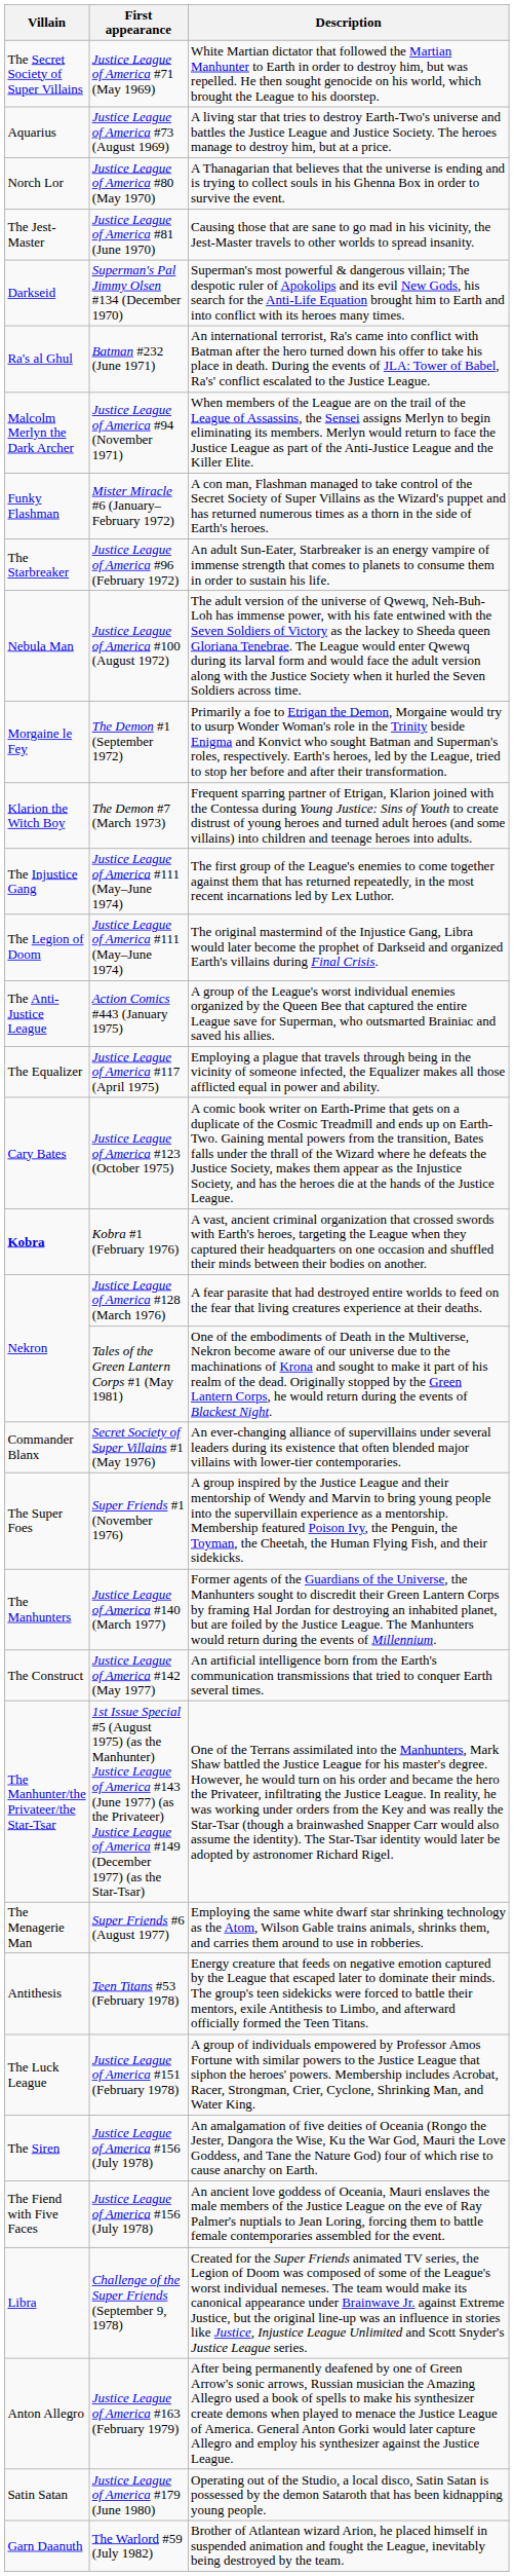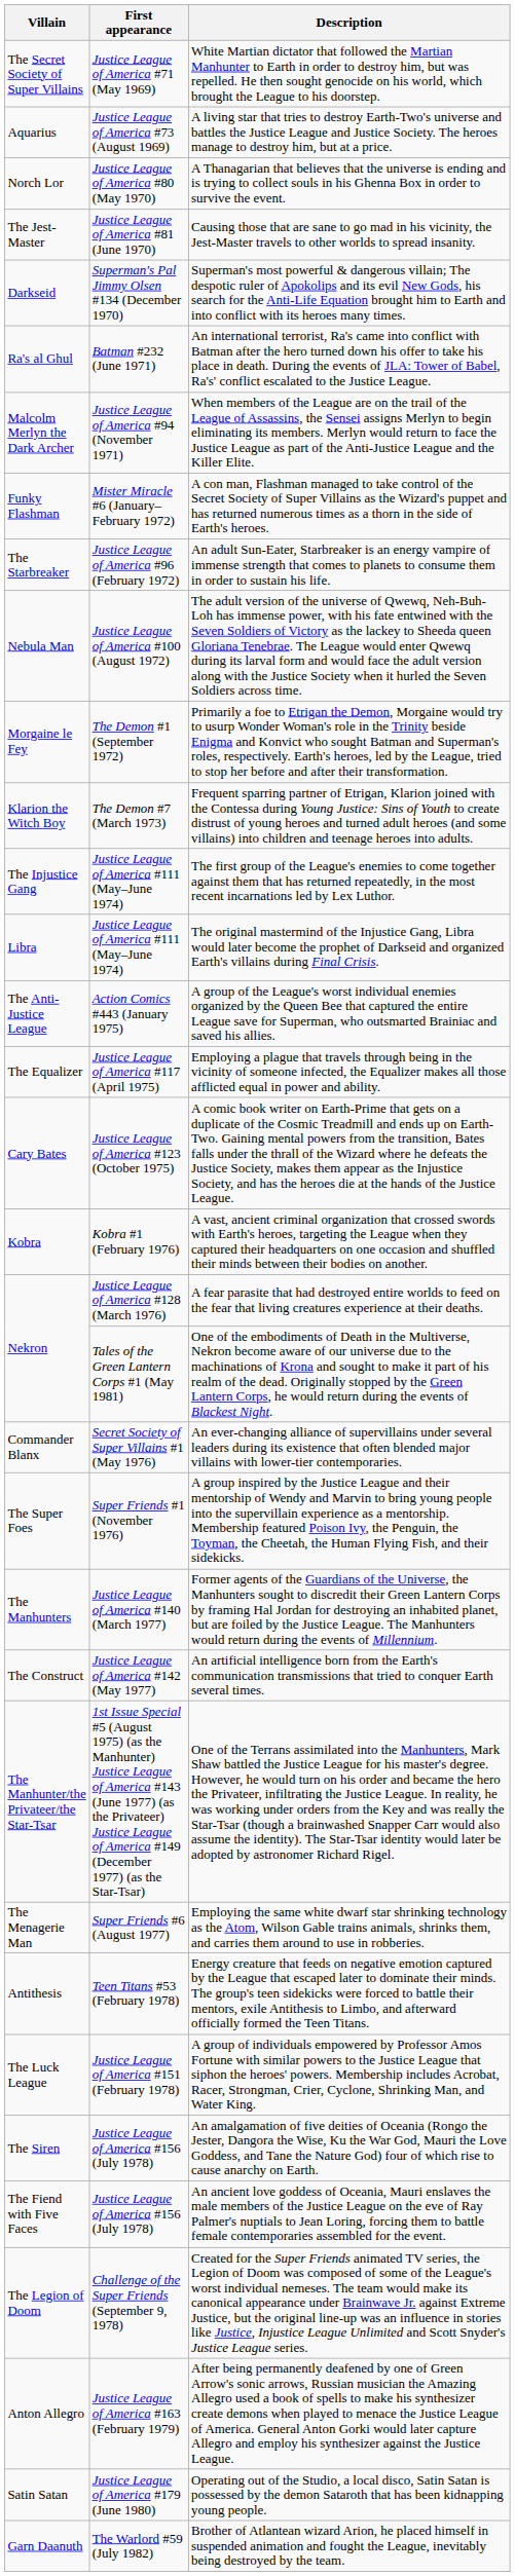 <table class="wikitable">
 <tr>
 <th width="13%">Villain</th>
 <th width="20%">First appearance</th>
 <th width="67%">Description</th>
 </tr>
 <tr>
 <td>The <a href='#'>Secret Society of Super Villains</a></td>
 <td><em><a href='#'>Justice League of America</a></em> #71 (May 1969)</td>
 <td>White Martian dictator that followed the <a href='#'>Martian Manhunter</a> to Earth in order to destroy him, but was repelled. He then sought genocide on his world, which brought the League to his doorstep.</td>
 </tr>
 <tr>
 <td>Aquarius</td>
 <td><em><a href='#'>Justice League of America</a></em> #73 (August 1969)</td>
 <td>A living star that tries to destroy Earth-Two's universe and battles the Justice League and Justice Society. The heroes manage to destroy him, but at a price.</td>
 </tr>
 <tr>
 <td>Norch Lor</td>
 <td><em><a href='#'>Justice League of America</a></em> #80 (May 1970)</td>
 <td>A Thanagarian that believes that the universe is ending and is trying to collect souls in his Ghenna Box in order to survive the event.</td>
 </tr>
 <tr>
 <td>The Jest-Master</td>
 <td><em><a href='#'>Justice League of America</a></em> #81 (June 1970)</td>
 <td>Causing those that are sane to go mad in his vicinity, the Jest-Master travels to other worlds to spread insanity.</td>
 </tr>
 <tr>
 <td><a href='#'>Darkseid</a></td>
 <td><em><a href='#'>Superman's Pal Jimmy Olsen</a></em> #134 (December 1970)</td>
 <td>Superman's most powerful & dangerous villain; The despotic ruler of <a href='#'>Apokolips</a> and its evil <a href='#'>New Gods</a>, his search for the <a href='#'>Anti-Life Equation</a> brought him to Earth and into conflict with its heroes many times.</td>
 </tr>
 <tr>
 <td><a href='#'>Ra's al Ghul</a></td>
 <td><em><a href='#'>Batman</a></em> #232 (June 1971)</td>
 <td>An international terrorist, Ra's came into conflict with Batman after the hero turned down his offer to take his place in death. During the events of <a href='#'>JLA: Tower of Babel</a>, Ra's' conflict escalated to the Justice League.</td>
 </tr>
 <tr>
 <td><a href='#'>Malcolm Merlyn the Dark Archer</a></td>
 <td><em><a href='#'>Justice League of America</a></em> #94 (November 1971)</td>
 <td>When members of the League are on the trail of the <a href='#'>League of Assassins</a>, the <a href='#'>Sensei</a> assigns Merlyn to begin eliminating its members. Merlyn would return to face the Justice League as part of the Anti-Justice League and the Killer Elite.</td>
 </tr>
 <tr>
 <td><a href='#'>Funky Flashman</a></td>
 <td><em><a href='#'>Mister Miracle</a></em> #6 (January–February 1972)</td>
 <td>A con man, Flashman managed to take control of the Secret Society of Super Villains as the Wizard's puppet and has returned numerous times as a thorn in the side of Earth's heroes.</td>
 </tr>
 <tr>
 <td>The <a href='#'>Starbreaker</a></td>
 <td><em><a href='#'>Justice League of America</a></em> #96 (February 1972)</td>
 <td>An adult Sun-Eater, Starbreaker is an energy vampire of immense strength that comes to planets to consume them in order to sustain his life.</td>
 </tr>
 <tr>
 <td><a href='#'>Nebula Man</a></td>
 <td><em><a href='#'>Justice League of America</a></em> #100 (August 1972)</td>
 <td>The adult version of the universe of Qwewq, Neh-Buh-Loh has immense power, with his fate entwined with the <a href='#'>Seven Soldiers of Victory</a> as the lackey to Sheeda queen <a href='#'>Gloriana Tenebrae</a>. The League would enter Qwewq during its larval form and would face the adult version along with the Justice Society when it hurled the Seven Soldiers across time.</td>
 </tr>
 <tr>
 <td><a href='#'>Morgaine le Fey</a></td>
 <td><em><a href='#'>The Demon</a></em> #1 (September 1972)</td>
 <td>Primarily a foe to <a href='#'>Etrigan the Demon</a>, Morgaine would try to usurp Wonder Woman's role in the <a href='#'>Trinity</a> beside <a href='#'>Enigma</a> and Konvict who sought Batman and Superman's roles, respectively. Earth's heroes, led by the League, tried to stop her before and after their transformation.</td>
 </tr>
 <tr>
 <td><a href='#'>Klarion the Witch Boy</a></td>
 <td><em>The Demon</em> #7 (March 1973)</td>
 <td>Frequent sparring partner of Etrigan, Klarion joined with the Contessa during <em>Young Justice: Sins of Youth</em> to create distrust of young heroes and turned adult heroes (and some villains) into children and teenage heroes into adults.</td>
 </tr>
 <tr>
 <td>The <a href='#'>Injustice Gang</a></td>
 <td><em><a href='#'>Justice League of America</a></em> #111 (May–June 1974)</td>
 <td>The first group of the League's enemies to come together against them that has returned repeatedly, in the most recent incarnations led by Lex Luthor.</td>
 </tr>
 <tr>
-<td>The <a href='#'>Legion of Doom</a></td>
+<td><a href='#'>Libra</a></td>
 <td><em><a href='#'>Justice League of America</a></em> #111 (May–June 1974)</td>
 <td>The original mastermind of the Injustice Gang, Libra would later become the prophet of Darkseid and organized Earth's villains during <em><a href='#'>Final Crisis</a></em>.</td>
 </tr>
 <tr>
 <td>The <a href='#'>Anti-Justice League</a></td>
 <td><em><a href='#'>Action Comics</a></em> #443 (January 1975)</td>
 <td>A group of the League's worst individual enemies organized by the Queen Bee that captured the entire League save for Superman, who outsmarted Brainiac and saved his allies.</td>
 </tr>
 <tr>
 <td>The Equalizer</td>
 <td><em><a href='#'>Justice League of America</a></em> #117 (April 1975)</td>
 <td>Employing a plague that travels through being in the vicinity of someone infected, the Equalizer makes all those afflicted equal in power and ability.</td>
 </tr>
 <tr>
 <td><a href='#'>Cary Bates</a></td>
 <td><em><a href='#'>Justice League of America</a></em> #123 (October 1975)</td>
 <td>A comic book writer on Earth-Prime that gets on a duplicate of the Cosmic Treadmill and ends up on Earth-Two. Gaining mental powers from the transition, Bates falls under the thrall of the Wizard where he defeats the Justice Society, makes them appear as the Injustice Society, and has the heroes die at the hands of the Justice League.</td>
 </tr>
 <tr>
-<td><strong><a href='#'>Kobra</a></strong></td>
+<td><a href='#'>Kobra</a></td>
 <td><em>Kobra</em> #1 (February 1976)</td>
 <td>A vast, ancient criminal organization that crossed swords with Earth's heroes, targeting the League when they captured their headquarters on one occasion and shuffled their minds between their bodies on another.</td>
 </tr>
 <tr>
 <td rowspan=2><a href='#'>Nekron</a></td>
 <td><em><a href='#'>Justice League of America</a></em> #128 (March 1976)</td>
 <td>A fear parasite that had destroyed entire worlds to feed on the fear that living creatures experience at their deaths.</td>
 </tr>
 <tr>
 <td><em>Tales of the Green Lantern Corps</em> #1 (May 1981)</td>
 <td>One of the embodiments of Death in the Multiverse, Nekron become aware of our universe due to the machinations of <a href='#'>Krona</a> and sought to make it part of his realm of the dead. Originally stopped by the <a href='#'>Green Lantern Corps</a>, he would return during the events of <em><a href='#'>Blackest Night</a></em>.</td>
 </tr>
 <tr>
 <td>Commander Blanx</td>
 <td><em><a href='#'>Secret Society of Super Villains</a></em> #1 (May 1976)</td>
 <td>An ever-changing alliance of supervillains under several leaders during its existence that often blended major villains with lower-tier contemporaries.</td>
 </tr>
 <tr>
 <td>The Super Foes</td>
 <td><em><a href='#'>Super Friends</a></em> #1 (November 1976)</td>
 <td>A group inspired by the Justice League and their mentorship of Wendy and Marvin to bring young people into the supervillain experience as a mentorship. Membership featured <a href='#'>Poison Ivy</a>, the Penguin, the <a href='#'>Toyman</a>, the Cheetah, the Human Flying Fish, and their sidekicks.</td>
 </tr>
 <tr>
 <td>The <a href='#'>Manhunters</a></td>
 <td><em><a href='#'>Justice League of America</a></em> #140 (March 1977)</td>
 <td>Former agents of the <a href='#'>Guardians of the Universe</a>, the Manhunters sought to discredit their Green Lantern Corps by framing Hal Jordan for destroying an inhabited planet, but are foiled by the Justice League. The Manhunters would return during the events of <em><a href='#'>Millennium</a></em>.</td>
 </tr>
 <tr>
 <td>The Construct</td>
 <td><em><a href='#'>Justice League of America</a></em> #142 (May 1977)</td>
 <td>An artificial intelligence born from the Earth's communication transmissions that tried to conquer Earth several times.</td>
 </tr>
 <tr>
 <td><a href='#'>The Manhunter/the Privateer/the Star-Tsar</a></td>
 <td><em><a href='#'>1st Issue Special</a></em> #5 (August 1975) (as the Manhunter)<br><em><a href='#'>Justice League of America</a></em> #143 (June 1977) (as the Privateer)<br><em><a href='#'>Justice League of America</a></em> #149 (December 1977) (as the Star-Tsar)</td>
 <td>One of the Terrans assimilated into the <a href='#'>Manhunters</a>, Mark Shaw battled the Justice League for his master's degree. However, he would turn on his order and became the hero the Privateer, infiltrating the Justice League. In reality, he was working under orders from the Key and was really the Star-Tsar (though a brainwashed Snapper Carr would also assume the identity). The Star-Tsar identity would later be adopted by astronomer Richard Rigel.</td>
 </tr>
 <tr>
 <td>The Menagerie Man</td>
 <td><em><a href='#'>Super Friends</a></em> #6 (August 1977)</td>
 <td>Employing the same white dwarf star shrinking technology as the <a href='#'>Atom</a>, Wilson Gable trains animals, shrinks them, and carries them around to use in robberies.</td>
 </tr>
 <tr>
 <td>Antithesis</td>
 <td><em><a href='#'>Teen Titans</a></em> #53 (February 1978)</td>
 <td>Energy creature that feeds on negative emotion captured by the League that escaped later to dominate their minds. The group's teen sidekicks were forced to battle their mentors, exile Antithesis to Limbo, and afterward officially formed the Teen Titans.</td>
 </tr>
 <tr>
 <td>The Luck League</td>
 <td><em><a href='#'>Justice League of America</a></em> #151 (February 1978)</td>
 <td>A group of individuals empowered by Professor Amos Fortune with similar powers to the Justice League that siphon the heroes' powers. Membership includes Acrobat, Racer, Strongman, Crier, Cyclone, Shrinking Man, and Water King.</td>
 </tr>
 <tr>
 <td>The <a href='#'>Siren</a></td>
 <td><em><a href='#'>Justice League of America</a></em> #156 (July 1978)</td>
 <td>An amalgamation of five deities of Oceania (Rongo the Jester, Dangora the Wise, Ku the War God, Mauri the Love Goddess, and Tane the Nature God) four of which rise to cause anarchy on Earth.</td>
 </tr>
 <tr>
 <td>The Fiend with Five Faces</td>
 <td><em><a href='#'>Justice League of America</a></em> #156 (July 1978)</td>
 <td>An ancient love goddess of Oceania, Mauri enslaves the male members of the Justice League on the eve of Ray Palmer's nuptials to Jean Loring, forcing them to battle female contemporaries assembled for the event.</td>
 </tr>
 <tr>
-<td><a href='#'>Libra</a></td>
+<td>The <a href='#'>Legion of Doom</a></td>
 <td><em><a href='#'>Challenge of the Super Friends</a></em> (September 9, 1978)</td>
 <td>Created for the <em>Super Friends</em> animated TV series, the Legion of Doom was composed of some of the League's worst individual nemeses. The team would make its canonical appearance under <a href='#'>Brainwave Jr.</a> against Extreme Justice, but the original line-up was an influence in stories like <em><a href='#'>Justice</a></em>, <em>Injustice League Unlimited</em> and Scott Snyder's <em>Justice League</em> series.</td>
 </tr>
 <tr>
 <td>Anton Allegro</td>
 <td><em><a href='#'>Justice League of America</a></em> #163 (February 1979)</td>
 <td>After being permanently deafened by one of Green Arrow's sonic arrows, Russian musician the Amazing Allegro used a book of spells to make his synthesizer create demons when played to menace the Justice League of America. General Anton Gorki would later capture Allegro and employ his synthesizer against the Justice League.</td>
 </tr>
 <tr>
 <td>Satin Satan</td>
 <td><em><a href='#'>Justice League of America</a></em> #179 (June 1980)</td>
 <td>Operating out of the Studio, a local disco, Satin Satan is possessed by the demon Sataroth that has been kidnapping young people.</td>
 </tr>
 <tr>
 <td><a href='#'>Garn Daanuth</a></td>
 <td><a href='#'>The Warlord</a> #59 (July 1982)</td>
 <td>Brother of Atlantean wizard Arion, he placed himself in suspended animation and fought the League, inevitably being destroyed by the team.</td>
 </tr>
 </table>
